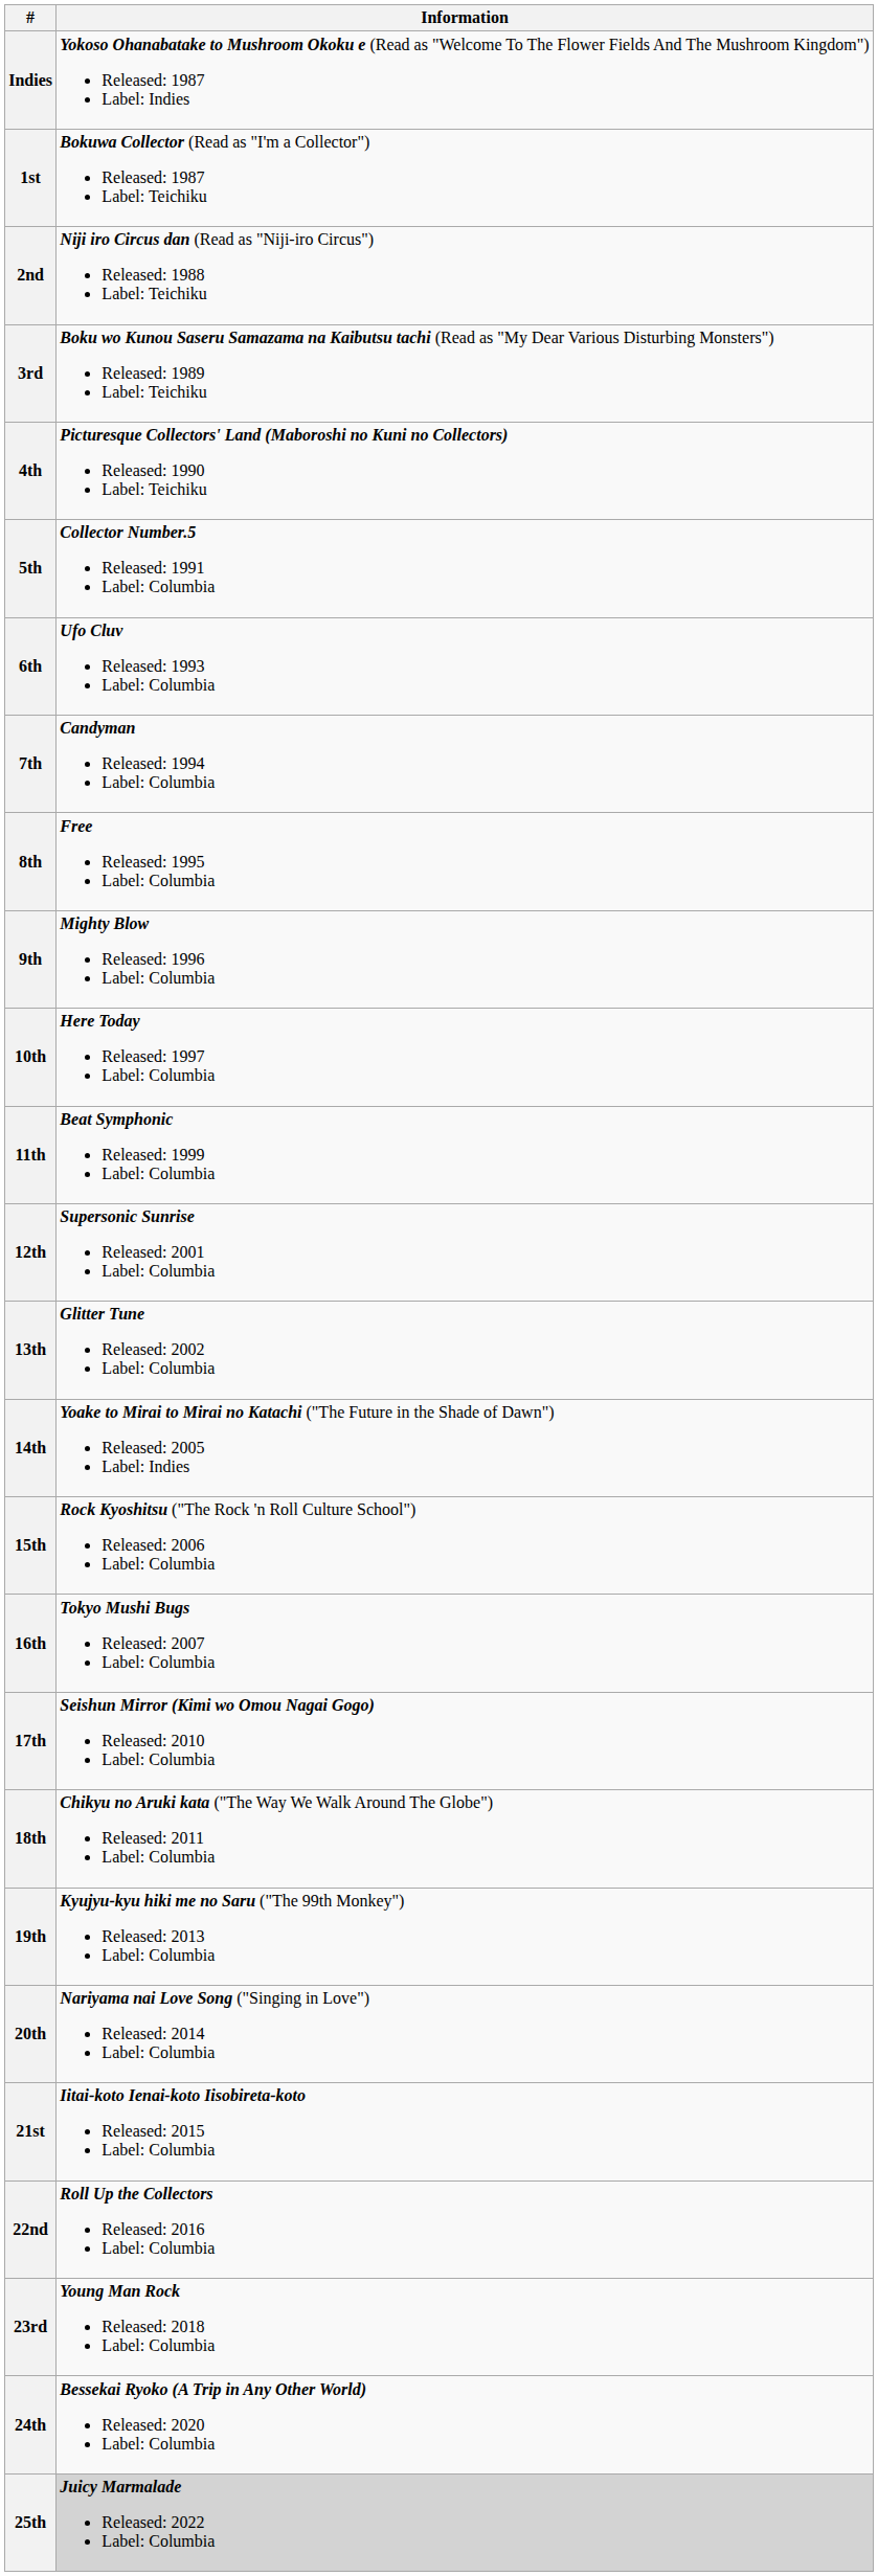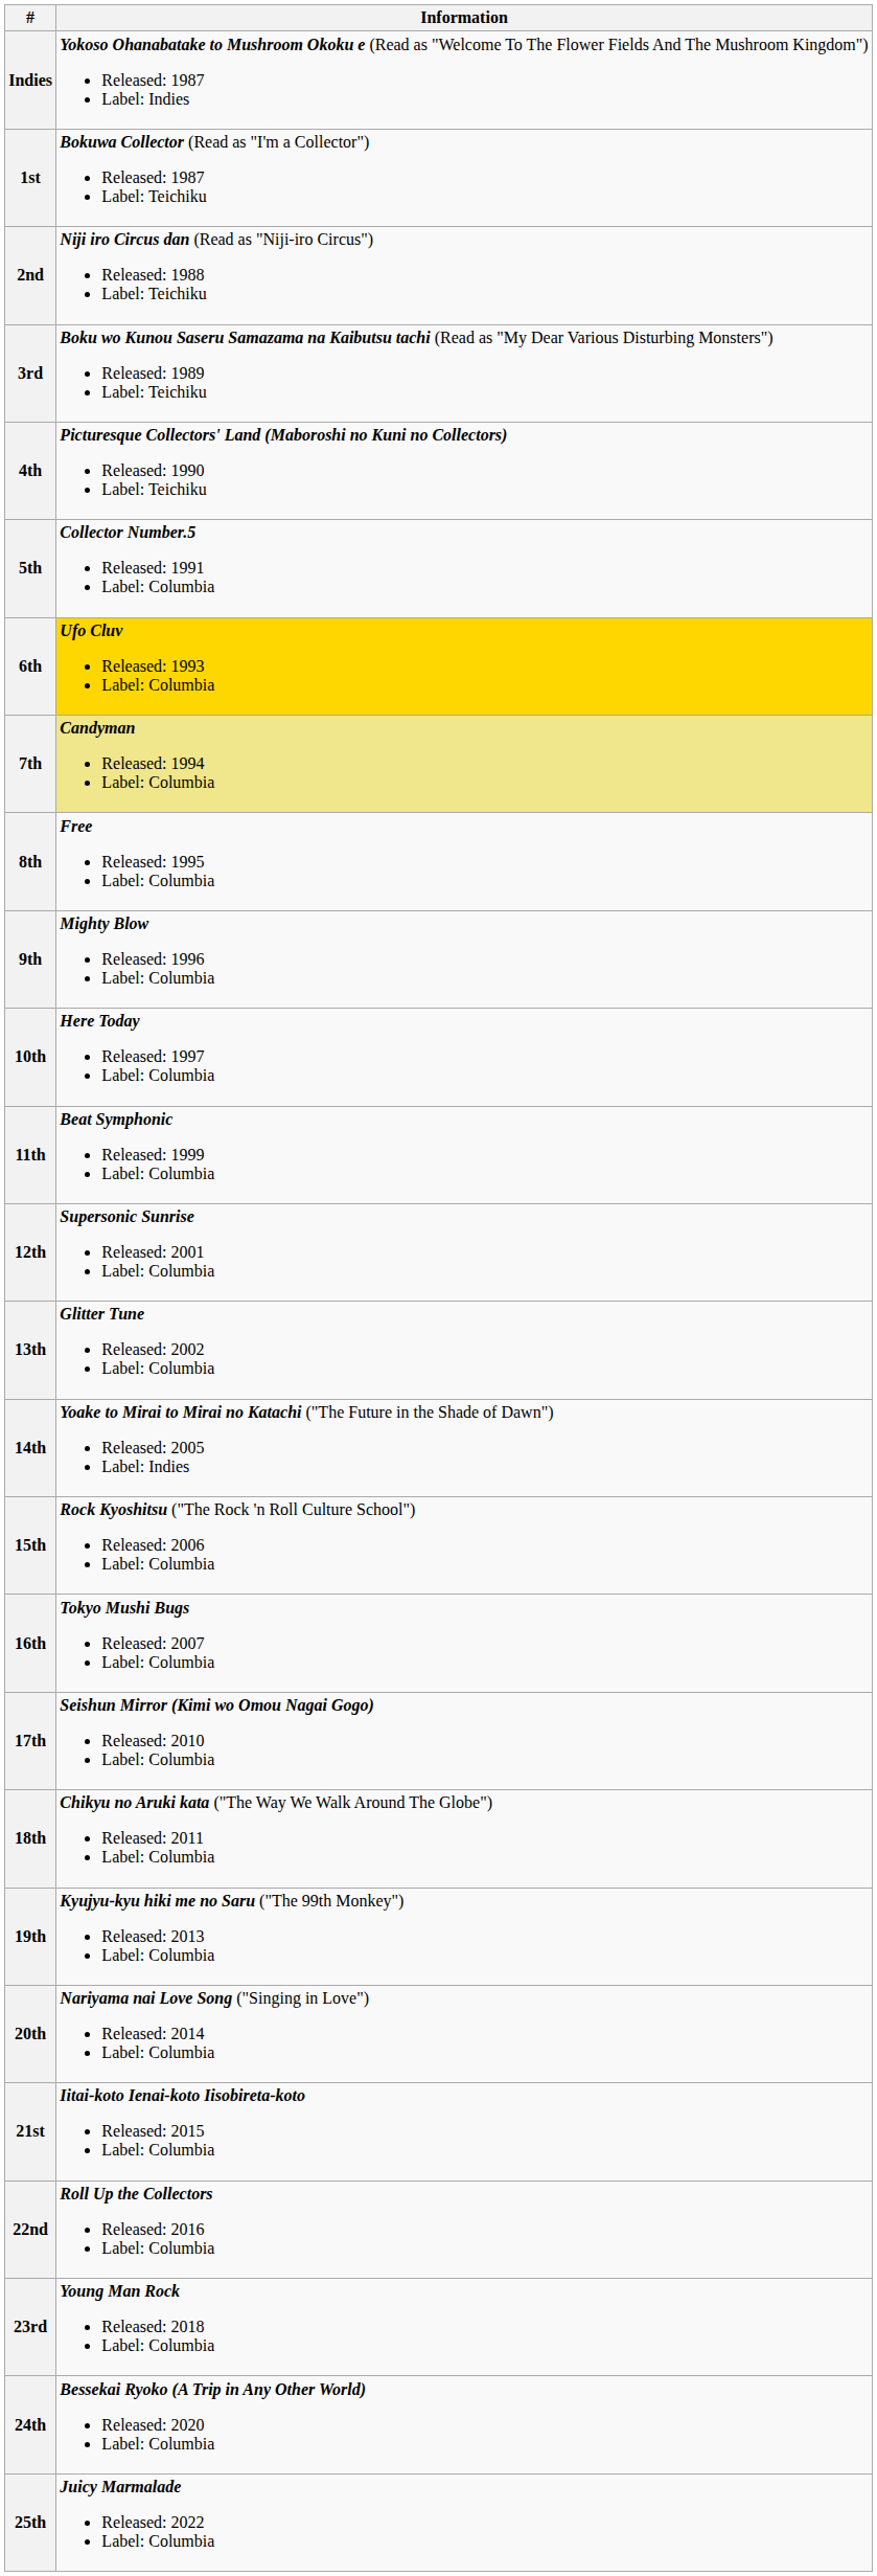 <table class="wikitable">
 <tr>
 <th align="left">#</th>
 <th align="left">Information</th>
 </tr>
 <tr>
 <th align="left">Indies</th>
 <td align="left"><strong><em>Yokoso Ohanabatake to Mushroom Okoku e</em></strong> (Read as "Welcome To The Flower Fields And The Mushroom Kingdom")<br><ul><li>Released: 1987</li><li>Label: Indies</li></ul></td>
 </tr>
 <tr>
 <th align="left">1st</th>
 <td align="left"><strong><em>Bokuwa Collector</em></strong> (Read as "I'm a Collector")<br><ul><li>Released: 1987</li><li>Label: Teichiku</li></ul></td>
 </tr>
 <tr>
 <th align="left">2nd</th>
 <td align="left"><strong><em>Niji iro Circus dan</em></strong> (Read as "Niji-iro Circus")<br><ul><li>Released: 1988</li><li>Label: Teichiku</li></ul></td>
 </tr>
 <tr>
 <th align="left">3rd</th>
 <td align="left"><strong><em>Boku wo Kunou Saseru Samazama na Kaibutsu tachi</em></strong> (Read as "My Dear Various Disturbing Monsters")<br><ul><li>Released: 1989</li><li>Label: Teichiku</li></ul></td>
 </tr>
 <tr>
 <th align="left">4th</th>
 <td align="left"><strong><em>Picturesque Collectors' Land (Maboroshi no Kuni no Collectors)</em></strong><br><ul><li>Released: 1990</li><li>Label: Teichiku</li></ul></td>
 </tr>
 <tr>
 <th align="left">5th</th>
 <td align="left"><strong><em>Collector Number.5</em></strong><br><ul><li>Released: 1991</li><li>Label: Columbia</li></ul></td>
 </tr>
 <tr>
 <th align="left">6th</th>
-<td align="left"><strong><em>Ufo Cluv</em></strong><br><ul><li>Released: 1993</li><li>Label: Columbia</li></ul></td>
+<td align="left" style="background: gold;"><strong><em>Ufo Cluv</em></strong><br><ul><li>Released: 1993</li><li>Label: Columbia</li></ul></td>
 </tr>
 <tr>
 <th align="left">7th</th>
-<td align="left"><strong><em>Candyman</em></strong><br><ul><li>Released: 1994</li><li>Label: Columbia</li></ul></td>
+<td align="left" style="background: khaki;"><strong><em>Candyman</em></strong><br><ul><li>Released: 1994</li><li>Label: Columbia</li></ul></td>
 </tr>
 <tr>
 <th align="left">8th</th>
 <td align="left"><strong><em>Free</em></strong><br><ul><li>Released: 1995</li><li>Label: Columbia</li></ul></td>
 </tr>
 <tr>
 <th align="left">9th</th>
 <td align="left"><strong><em>Mighty Blow</em></strong><br><ul><li>Released: 1996</li><li>Label: Columbia</li></ul></td>
 </tr>
 <tr>
 <th align="left">10th</th>
 <td align="left"><strong><em>Here Today</em></strong><br><ul><li>Released: 1997</li><li>Label: Columbia</li></ul></td>
 </tr>
 <tr>
 <th align="left">11th</th>
 <td align="left"><strong><em>Beat Symphonic</em></strong><br><ul><li>Released: 1999</li><li>Label: Columbia</li></ul></td>
 </tr>
 <tr>
 <th align="left">12th</th>
 <td align="left"><strong><em>Supersonic Sunrise</em></strong><br><ul><li>Released: 2001</li><li>Label: Columbia</li></ul></td>
 </tr>
 <tr>
 <th align="left">13th</th>
 <td align="left"><strong><em>Glitter Tune</em></strong><br><ul><li>Released: 2002</li><li>Label: Columbia</li></ul></td>
 </tr>
 <tr>
 <th align="left">14th</th>
 <td align="left"><strong><em>Yoake to Mirai to Mirai no Katachi</em></strong> ("The Future in the Shade of Dawn")<br><ul><li>Released: 2005</li><li>Label: Indies</li></ul></td>
 </tr>
 <tr>
 <th align="left">15th</th>
 <td align="left"><strong><em>Rock Kyoshitsu</em></strong> ("The Rock 'n Roll Culture School")<br><ul><li>Released: 2006</li><li>Label: Columbia</li></ul></td>
 </tr>
 <tr>
 <th align="left">16th</th>
 <td align="left"><strong><em>Tokyo Mushi Bugs</em></strong><br><ul><li>Released: 2007</li><li>Label: Columbia</li></ul></td>
 </tr>
 <tr>
 <th align="left">17th</th>
 <td align="left"><strong><em>Seishun Mirror (Kimi wo Omou Nagai Gogo)</em></strong><br><ul><li>Released: 2010</li><li>Label: Columbia</li></ul></td>
 </tr>
 <tr>
 <th align="left">18th</th>
 <td align="left"><strong><em>Chikyu no Aruki kata</em></strong> ("The Way We Walk Around The Globe")<br><ul><li>Released: 2011</li><li>Label: Columbia</li></ul></td>
 </tr>
 <tr>
 <th align="left">19th</th>
 <td align="left"><strong><em>Kyujyu-kyu hiki me no Saru</em></strong> ("The 99th Monkey")<br><ul><li>Released: 2013</li><li>Label: Columbia</li></ul></td>
 </tr>
 <tr>
 <th align="left">20th</th>
 <td align="left"><strong><em>Nariyama nai Love Song</em></strong> ("Singing in Love")<br><ul><li>Released: 2014</li><li>Label: Columbia</li></ul></td>
 </tr>
 <tr>
 <th align="left">21st</th>
 <td align="left"><strong><em>Iitai-koto Ienai-koto Iisobireta-koto</em></strong><br><ul><li>Released: 2015</li><li>Label: Columbia</li></ul></td>
 </tr>
 <tr>
 <th align="left">22nd</th>
 <td align="left"><strong><em>Roll Up the Collectors</em></strong><br><ul><li>Released: 2016</li><li>Label: Columbia</li></ul></td>
 </tr>
 <tr>
 <th align="left">23rd</th>
 <td align="left"><strong><em>Young Man Rock</em></strong><br><ul><li>Released: 2018</li><li>Label: Columbia</li></ul></td>
 </tr>
 <tr>
 <th align="left">24th</th>
 <td align="left"><strong><em>Bessekai Ryoko (A Trip in Any Other World)</em></strong><br><ul><li>Released: 2020</li><li>Label: Columbia</li></ul></td>
 </tr>
 <tr>
 <th align="left">25th</th>
-<td align="left" style="background: lightgrey;"><strong><em>Juicy Marmalade</em></strong><br><ul><li>Released: 2022</li><li>Label: Columbia</li></ul></td>
+<td align="left"><strong><em>Juicy Marmalade</em></strong><br><ul><li>Released: 2022</li><li>Label: Columbia</li></ul></td>
 </tr>
 </table>
